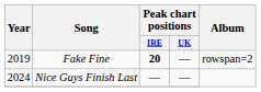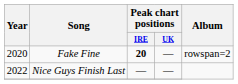 <table class="wikitable" style="text-align: center;">
 <tr>
 <th rowspan="2">Year</th>
 <th rowspan="2">Song</th>
 <th colspan="2">Peak chart positions</th>
 <th rowspan="2">Album</th>
 </tr>
 <tr>
 <th style="width:3em;font-size:75%;"><a href='#'>IRE</a></th>
 <th style="width:3em;font-size:75%;"><a href='#'>UK</a></th>
 </tr>
 <tr>
-<td>2019</td>
+<td>2020</td>
 <td><em>Fake Fine</em></td>
 <td style="text-align:center;"><strong>20</strong></td>
 <td style="text-align:center;">—</td>
 <td>rowspan=2 </td>
 </tr>
 <tr>
-<td>2024</td>
+<td>2022</td>
 <td><em>Nice Guys Finish Last</em></td>
 <td style="text-align:center;">—</td>
 <td style="text-align:center;">—</td>
 </tr>
 <tr>
 </tr>
 </table>
